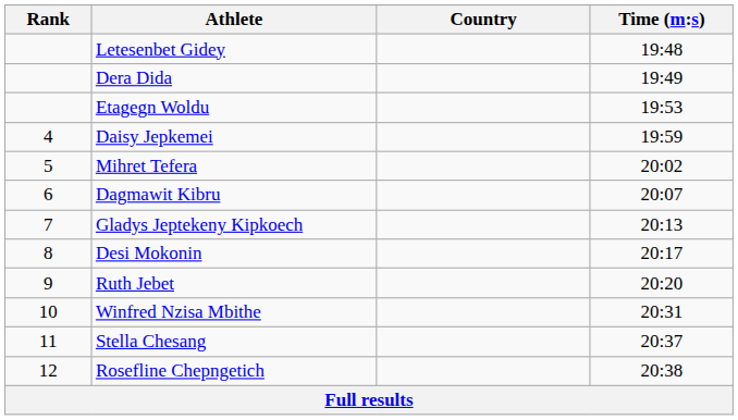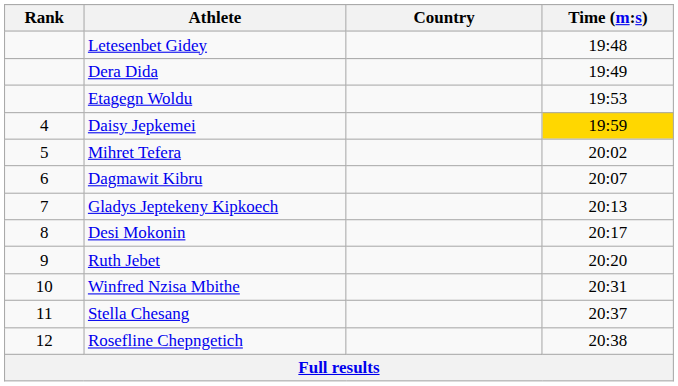 <table class="wikitable" style="text-align:center;" width="50%">
 <tr>
 </tr>
 <tr>
 <th width=5%>Rank</th>
 <th width=20%>Athlete</th>
 <th width=15%>Country</th>
 <th width=10%>Time (<a href='#'>m</a>:<a href='#'>s</a>)</th>
 </tr>
 <tr>
 <td align=center></td>
 <td align=left><a href='#'>Letesenbet Gidey</a></td>
 <td align=left></td>
 <td>19:48</td>
 </tr>
 <tr>
 <td align=center></td>
 <td align=left><a href='#'>Dera Dida</a></td>
 <td align=left></td>
 <td>19:49</td>
 </tr>
 <tr>
 <td align=center></td>
 <td align=left><a href='#'>Etagegn Woldu</a></td>
 <td align=left></td>
 <td>19:53</td>
 </tr>
 <tr>
 <td align=center>4</td>
 <td align=left><a href='#'>Daisy Jepkemei</a></td>
 <td align=left></td>
-<td>19:59</td>
+<td style="background: gold;">19:59</td>
 </tr>
 <tr>
 <td align=center>5</td>
 <td align=left><a href='#'>Mihret Tefera</a></td>
 <td align=left></td>
 <td>20:02</td>
 </tr>
 <tr>
 <td align=center>6</td>
 <td align=left><a href='#'>Dagmawit Kibru</a></td>
 <td align=left></td>
 <td>20:07</td>
 </tr>
 <tr>
 <td align=center>7</td>
 <td align=left><a href='#'>Gladys Jeptekeny Kipkoech</a></td>
 <td align=left></td>
 <td>20:13</td>
 </tr>
 <tr>
 <td align=center>8</td>
 <td align=left><a href='#'>Desi Mokonin</a></td>
 <td align=left></td>
 <td>20:17</td>
 </tr>
 <tr>
 <td align=center>9</td>
 <td align=left><a href='#'>Ruth Jebet</a></td>
 <td align=left></td>
 <td>20:20</td>
 </tr>
 <tr>
 <td align=center>10</td>
 <td align=left><a href='#'>Winfred Nzisa Mbithe</a></td>
 <td align=left></td>
 <td>20:31</td>
 </tr>
 <tr>
 <td align=center>11</td>
 <td align=left><a href='#'>Stella Chesang</a></td>
 <td align=left></td>
 <td>20:37</td>
 </tr>
 <tr>
 <td align=center>12</td>
 <td align=left><a href='#'>Rosefline Chepngetich</a></td>
 <td align=left></td>
 <td>20:38</td>
 </tr>
 <tr class="sortbottom">
 <th colspan=4 align=center><a href='#'>Full results</a></th>
 </tr>
 </table>
